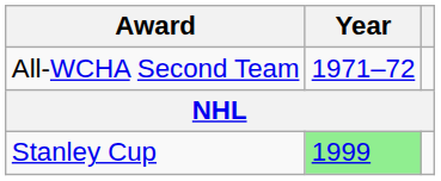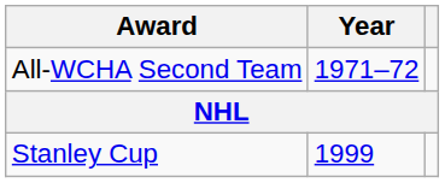 <table class="wikitable">
 <tr>
 <th>Award</th>
 <th>Year</th>
 <th></th>
 </tr>
 <tr>
 <td>All-<a href='#'>WCHA</a> <a href='#'>Second Team</a></td>
 <td><a href='#'>1971–72</a></td>
 <td></td>
 </tr>
 <tr style="text-align:center;">
 <th colspan="3"><a href='#'>NHL</a></th>
 </tr>
 <tr>
 <td><a href='#'>Stanley Cup</a></td>
-<td style="background: lightgreen;"><a href='#'>1999</a></td>
+<td><a href='#'>1999</a></td>
 <td></td>
 </tr>
 </table>
